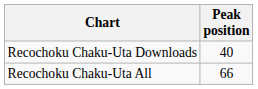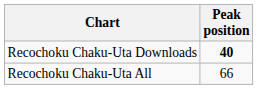 <table class="wikitable">
 <tr>
 <th>Chart</th>
 <th>Peak<br>position</th>
 </tr>
 <tr>
 <td>Recochoku Chaku-Uta Downloads</td>
-<td align="center">40</td>
+<td align="center"><strong>40</strong></td>
 </tr>
 <tr>
 <td>Recochoku Chaku-Uta All</td>
 <td align="center">66</td>
 </tr>
 </table>
